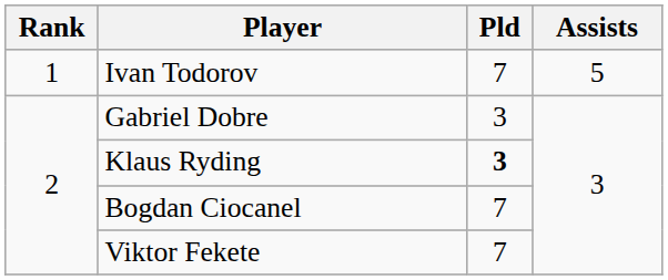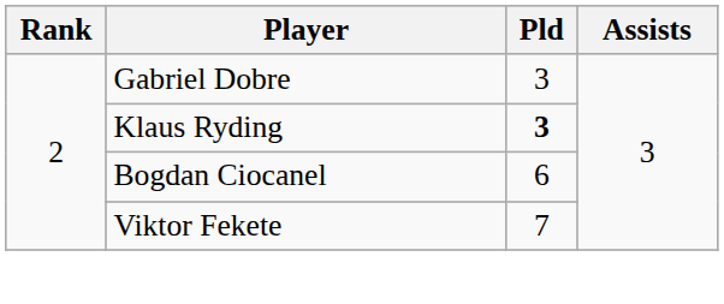 <table class="wikitable" style="text-align:center">
 <tr>
 <th width=45>Rank</th>
 <th width=200>Player</th>
 <th width=30>Pld</th>
 <th width=65>Assists</th>
-</tr>
-<tr>
-<td>1</td>
-<td style="text-align:left"> Ivan Todorov</td>
-<td>7</td>
-<td>5</td>
 </tr>
 <tr>
 <td rowspan=4>2</td>
 <td style="text-align:left"> Gabriel Dobre</td>
 <td>3</td>
 <td rowspan=4>3</td>
 </tr>
 <tr>
 <td style="text-align:left"> Klaus Ryding</td>
 <td><strong>3</strong></td>
 </tr>
 <tr>
 <td style="text-align:left"> Bogdan Ciocanel</td>
-<td>7</td>
+<td>6</td>
 </tr>
 <tr>
 <td style="text-align:left"> Viktor Fekete</td>
 <td>7</td>
 </tr>
 </table>
